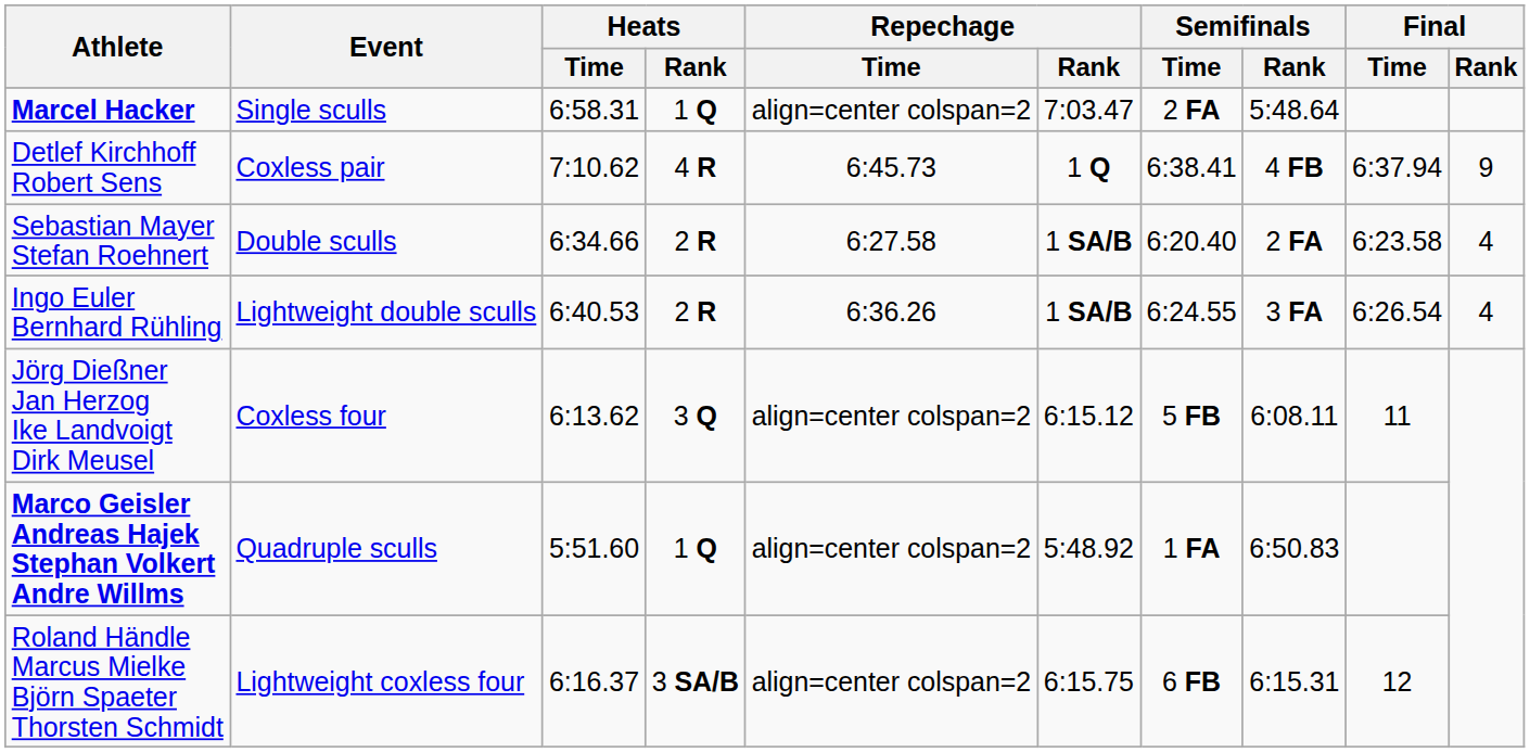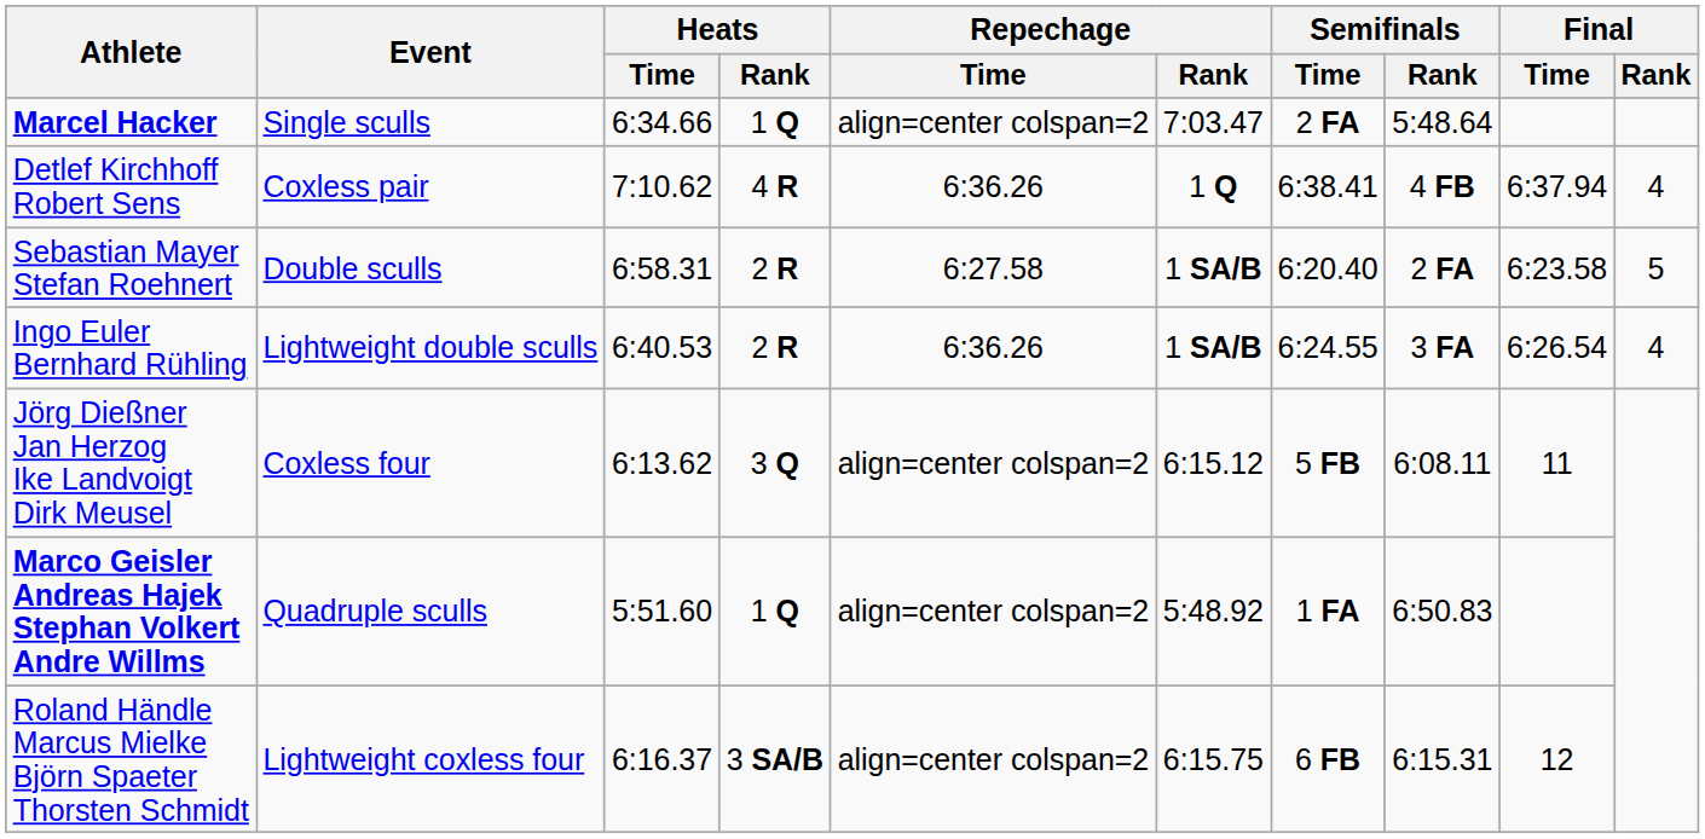 <table class="wikitable" style="font-size:90%;">
 <tr>
 <th rowspan="2">Athlete</th>
 <th rowspan="2">Event</th>
 <th colspan="2">Heats</th>
 <th colspan="2">Repechage</th>
 <th colspan="2">Semifinals</th>
 <th colspan="2">Final</th>
 </tr>
 <tr style="font-size:95%">
 <th>Time</th>
 <th>Rank</th>
 <th>Time</th>
 <th>Rank</th>
 <th>Time</th>
 <th>Rank</th>
 <th>Time</th>
 <th>Rank</th>
 </tr>
 <tr>
 <td align=left><strong><a href='#'>Marcel Hacker</a></strong></td>
 <td align=left><a href='#'>Single sculls</a></td>
-<td align=center>6:58.31</td>
+<td align=center>6:34.66</td>
 <td align=center>1 <strong>Q</strong></td>
 <td>align=center colspan=2 </td>
 <td align=center>7:03.47</td>
 <td align=center>2 <strong>FA</strong></td>
 <td align=center>5:48.64</td>
 <td align=center></td>
 </tr>
 <tr>
 <td align=left><a href='#'>Detlef Kirchhoff</a><br> <a href='#'>Robert Sens</a></td>
 <td align=left><a href='#'>Coxless pair</a></td>
 <td align=center>7:10.62</td>
 <td align=center>4 <strong>R</strong></td>
-<td align=center>6:45.73</td>
+<td align=center>6:36.26</td>
 <td align=center>1 <strong>Q</strong></td>
 <td align=center>6:38.41</td>
 <td align=center>4 <strong>FB</strong></td>
 <td align=center>6:37.94</td>
-<td align=center>9</td>
+<td align=center>4</td>
 </tr>
 <tr>
 <td align=left><a href='#'>Sebastian Mayer</a><br> <a href='#'>Stefan Roehnert</a></td>
 <td align=left><a href='#'>Double sculls</a></td>
-<td align=center>6:34.66</td>
+<td align=center>6:58.31</td>
 <td align=center>2 <strong>R</strong></td>
 <td align=center>6:27.58</td>
 <td align=center>1 <strong>SA/B</strong></td>
 <td align=center>6:20.40</td>
 <td align=center>2 <strong>FA</strong></td>
 <td align=center>6:23.58</td>
-<td align=center>4</td>
+<td align=center>5</td>
 </tr>
 <tr>
 <td align=left><a href='#'>Ingo Euler</a><br> <a href='#'>Bernhard Rühling</a></td>
 <td align=left><a href='#'>Lightweight double sculls</a></td>
 <td align=center>6:40.53</td>
 <td align=center>2 <strong>R</strong></td>
 <td align=center>6:36.26</td>
 <td align=center>1 <strong>SA/B</strong></td>
 <td align=center>6:24.55</td>
 <td align=center>3 <strong>FA</strong></td>
 <td align=center>6:26.54</td>
 <td align=center>4</td>
 </tr>
 <tr>
 <td align=left><a href='#'>Jörg Dießner</a><br> <a href='#'>Jan Herzog</a><br> <a href='#'>Ike Landvoigt</a><br> <a href='#'>Dirk Meusel</a></td>
 <td align=left><a href='#'>Coxless four</a></td>
 <td align=center>6:13.62</td>
 <td align=center>3 <strong>Q</strong></td>
 <td>align=center colspan=2 </td>
 <td align=center>6:15.12</td>
 <td align=center>5 <strong>FB</strong></td>
 <td align=center>6:08.11</td>
 <td align=center>11</td>
 </tr>
 <tr>
 <td align=left><strong><a href='#'>Marco Geisler</a></strong><br> <strong><a href='#'>Andreas Hajek</a></strong><br> <strong><a href='#'>Stephan Volkert</a></strong><br> <strong><a href='#'>Andre Willms</a></strong></td>
 <td align=left><a href='#'>Quadruple sculls</a></td>
 <td align=center>5:51.60</td>
 <td align=center>1 <strong>Q</strong></td>
 <td>align=center colspan=2 </td>
 <td align=center>5:48.92</td>
 <td align=center>1 <strong>FA</strong></td>
 <td align=center>6:50.83</td>
 <td align=center></td>
 </tr>
 <tr>
 <td align=left><a href='#'>Roland Händle</a><br> <a href='#'>Marcus Mielke</a><br> <a href='#'>Björn Spaeter</a><br> <a href='#'>Thorsten Schmidt</a></td>
 <td align=left><a href='#'>Lightweight coxless four</a></td>
 <td align=center>6:16.37</td>
 <td align=center>3 <strong>SA/B</strong></td>
 <td>align=center colspan=2 </td>
 <td align=center>6:15.75</td>
 <td align=center>6 <strong>FB</strong></td>
 <td align=center>6:15.31</td>
 <td align=center>12</td>
 </tr>
 </table>
